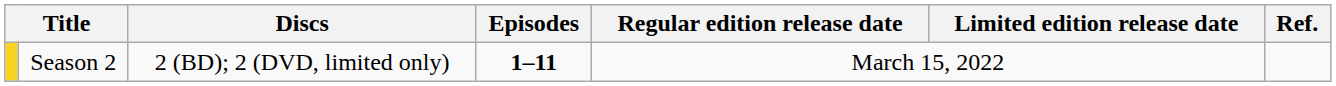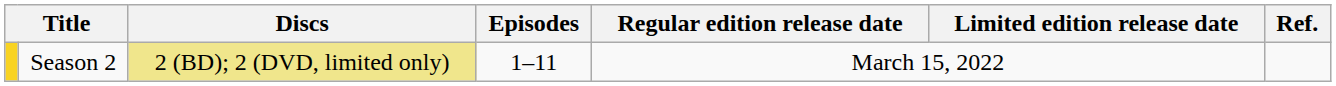 <table class="wikitable" style="text-align: center; width: 70%;">
 <tr>
 <th colspan="2">Title</th>
 <th>Discs</th>
 <th>Episodes</th>
 <th>Regular edition release date</th>
 <th>Limited edition release date</th>
 <th width="5%">Ref.</th>
 </tr>
 <tr>
 <td rowspan="1" width="1%" style="background: #F8D322;"></td>
 <td>Season 2</td>
-<td>2 (BD); 2 (DVD, limited only)</td>
-<td><strong>1–11</strong></td>
+<td style="background: khaki;">2 (BD); 2 (DVD, limited only)</td>
+<td>1–11</td>
 <td colspan="2">March 15, 2022</td>
 <td></td>
 </tr>
 </table>
